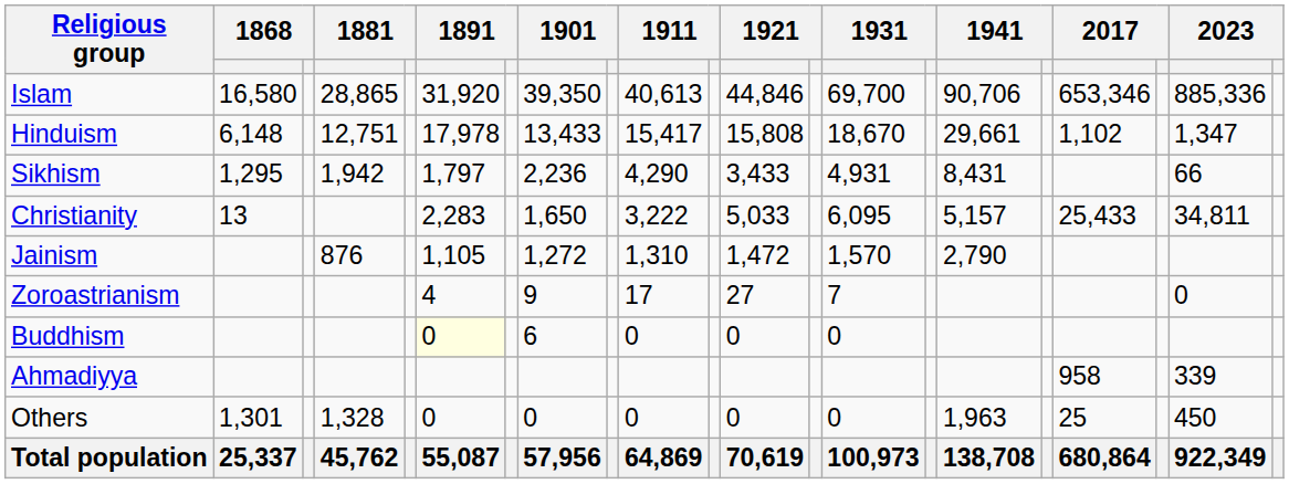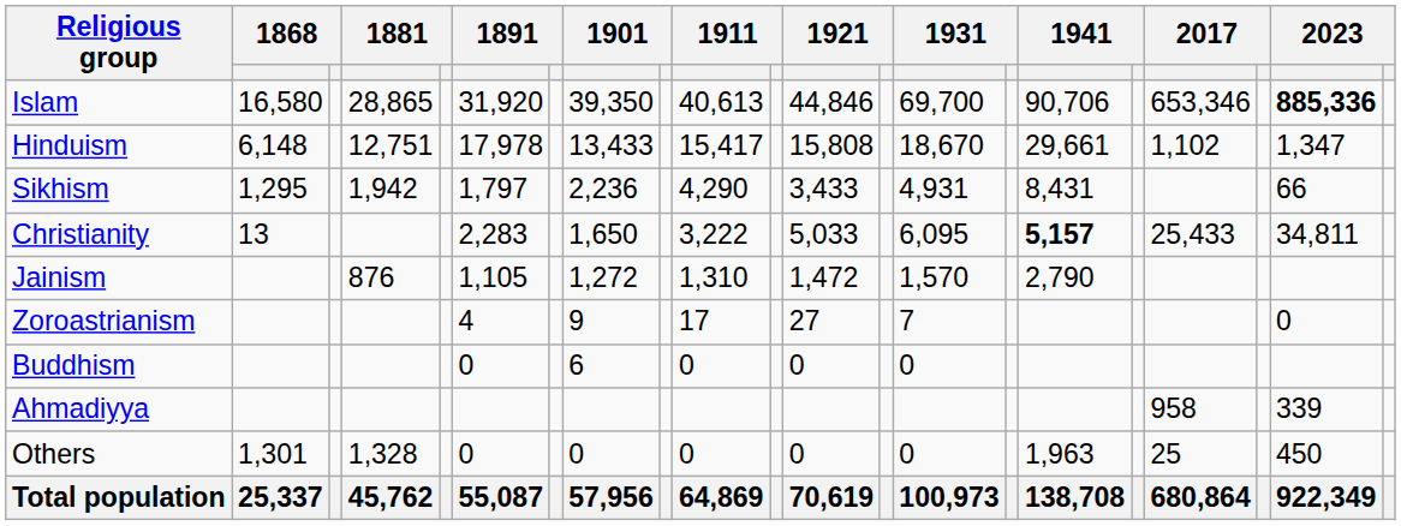 <table class="wikitable sortable">
 <tr>
 <th rowspan="2"><a href='#'>Religious</a><br>group</th>
 <th colspan="2">1868</th>
 <th colspan="2">1881</th>
 <th colspan="2">1891</th>
 <th colspan="2">1901</th>
 <th colspan="2">1911</th>
 <th colspan="2">1921</th>
 <th colspan="2">1931</th>
 <th colspan="2">1941</th>
 <th colspan="2">2017</th>
 <th colspan="2">2023</th>
 </tr>
 <tr>
 <th><a href='#'></a></th>
 <th></th>
 <th></th>
 <th></th>
 <th></th>
 <th></th>
 <th></th>
 <th></th>
 <th></th>
 <th></th>
 <th></th>
 <th></th>
 <th></th>
 <th></th>
 <th></th>
 <th></th>
 <th></th>
 <th></th>
 <th></th>
 <th></th>
 </tr>
 <tr>
 <td><a href='#'>Islam</a> </td>
 <td>16,580</td>
 <td></td>
 <td>28,865</td>
 <td></td>
 <td>31,920</td>
 <td></td>
 <td>39,350</td>
 <td></td>
 <td>40,613</td>
 <td></td>
 <td>44,846</td>
 <td></td>
 <td>69,700</td>
 <td></td>
 <td>90,706</td>
 <td></td>
 <td>653,346</td>
 <td></td>
-<td>885,336</td>
+<td><strong>885,336</strong></td>
 <td></td>
 </tr>
 <tr>
 <td><a href='#'>Hinduism</a> </td>
 <td>6,148</td>
 <td></td>
 <td>12,751</td>
 <td></td>
 <td>17,978</td>
 <td></td>
 <td>13,433</td>
 <td></td>
 <td>15,417</td>
 <td></td>
 <td>15,808</td>
 <td></td>
 <td>18,670</td>
 <td></td>
 <td>29,661</td>
 <td></td>
 <td>1,102</td>
 <td></td>
 <td>1,347</td>
 <td></td>
 </tr>
 <tr>
 <td><a href='#'>Sikhism</a> </td>
 <td>1,295</td>
 <td></td>
 <td>1,942</td>
 <td></td>
 <td>1,797</td>
 <td></td>
 <td>2,236</td>
 <td></td>
 <td>4,290</td>
 <td></td>
 <td>3,433</td>
 <td></td>
 <td>4,931</td>
 <td></td>
 <td>8,431</td>
 <td></td>
 <td></td>
 <td></td>
 <td>66</td>
 <td></td>
 </tr>
 <tr>
 <td><a href='#'>Christianity</a> </td>
 <td>13</td>
 <td></td>
 <td></td>
 <td></td>
 <td>2,283</td>
 <td></td>
 <td>1,650</td>
 <td></td>
 <td>3,222</td>
 <td></td>
 <td>5,033</td>
 <td></td>
 <td>6,095</td>
 <td></td>
-<td>5,157</td>
+<td><strong>5,157</strong></td>
 <td></td>
 <td>25,433</td>
 <td></td>
 <td>34,811</td>
 <td></td>
 </tr>
 <tr>
 <td><a href='#'>Jainism</a> </td>
 <td></td>
 <td></td>
 <td>876</td>
 <td></td>
 <td>1,105</td>
 <td></td>
 <td>1,272</td>
 <td></td>
 <td>1,310</td>
 <td></td>
 <td>1,472</td>
 <td></td>
 <td>1,570</td>
 <td></td>
 <td>2,790</td>
 <td></td>
 <td></td>
 <td></td>
 <td></td>
 <td></td>
 </tr>
 <tr>
 <td><a href='#'>Zoroastrianism</a> </td>
 <td></td>
 <td></td>
 <td></td>
 <td></td>
 <td>4</td>
 <td></td>
 <td>9</td>
 <td></td>
 <td>17</td>
 <td></td>
 <td>27</td>
 <td></td>
 <td>7</td>
 <td></td>
 <td></td>
 <td></td>
 <td></td>
 <td></td>
 <td>0</td>
 <td></td>
 </tr>
 <tr>
 <td><a href='#'>Buddhism</a> </td>
 <td></td>
 <td></td>
 <td></td>
 <td></td>
-<td style="background: lightyellow;">0</td>
+<td>0</td>
 <td></td>
 <td>6</td>
 <td></td>
 <td>0</td>
 <td></td>
 <td>0</td>
 <td></td>
 <td>0</td>
 <td></td>
 <td></td>
 <td></td>
 <td></td>
 <td></td>
 <td></td>
 <td></td>
 </tr>
 <tr>
 <td><a href='#'>Ahmadiyya</a> </td>
 <td></td>
 <td></td>
 <td></td>
 <td></td>
 <td></td>
 <td></td>
 <td></td>
 <td></td>
 <td></td>
 <td></td>
 <td></td>
 <td></td>
 <td></td>
 <td></td>
 <td></td>
 <td></td>
 <td>958</td>
 <td></td>
 <td>339</td>
 <td></td>
 </tr>
 <tr>
 <td>Others</td>
 <td>1,301</td>
 <td></td>
 <td>1,328</td>
 <td></td>
 <td>0</td>
 <td></td>
 <td>0</td>
 <td></td>
 <td>0</td>
 <td></td>
 <td>0</td>
 <td></td>
 <td>0</td>
 <td></td>
 <td>1,963</td>
 <td></td>
 <td>25</td>
 <td></td>
 <td>450</td>
 <td></td>
 </tr>
 <tr>
 <th>Total population</th>
 <th>25,337</th>
 <th></th>
 <th>45,762</th>
 <th></th>
 <th>55,087</th>
 <th></th>
 <th>57,956</th>
 <th></th>
 <th>64,869</th>
 <th></th>
 <th>70,619</th>
 <th></th>
 <th>100,973</th>
 <th></th>
 <th>138,708</th>
 <th></th>
 <th>680,864</th>
 <th></th>
 <th>922,349</th>
 <th></th>
 </tr>
 </table>
